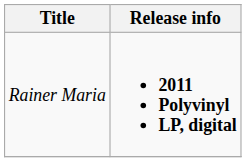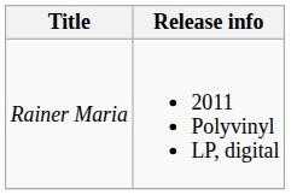 <table class="wikitable">
 <tr>
 <th>Title</th>
 <th>Release info</th>
 </tr>
 <tr>
 <td><em>Rainer Maria</em></td>
-<td><strong><br><ul><li>2011</li><li>Polyvinyl</li><li>LP, digital</li></ul></strong></td>
+<td><br><ul><li>2011</li><li>Polyvinyl</li><li>LP, digital</li></ul></td>
 </tr>
 <tr>
 </tr>
 </table>
